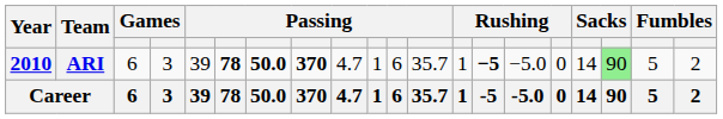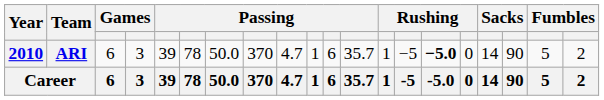 <table class="wikitable" style="text-align: center;">
 <tr>
 <th rowspan="2">Year</th>
 <th rowspan="2">Team</th>
 <th colspan="2">Games</th>
 <th colspan="8">Passing</th>
 <th colspan="4">Rushing</th>
 <th colspan="2">Sacks</th>
 <th colspan="2">Fumbles</th>
 </tr>
 <tr>
 <th></th>
 <th></th>
 <th></th>
 <th></th>
 <th></th>
 <th></th>
 <th></th>
 <th></th>
 <th></th>
 <th></th>
 <th></th>
 <th></th>
 <th></th>
 <th></th>
 <th></th>
 <th></th>
 <th></th>
 <th></th>
 </tr>
 <tr>
 <th><a href='#'>2010</a></th>
 <th><a href='#'>ARI</a></th>
 <td>6</td>
 <td>3</td>
 <td>39</td>
-<td><strong>78</strong></td>
-<td><strong>50.0</strong></td>
-<td><strong>370</strong></td>
+<td>78</td>
+<td>50.0</td>
+<td>370</td>
 <td>4.7</td>
 <td>1</td>
 <td>6</td>
 <td>35.7</td>
 <td>1</td>
-<td><strong>−5</strong></td>
-<td>−5.0</td>
+<td>−5</td>
+<td><strong>−5.0</strong></td>
 <td>0</td>
 <td>14</td>
-<td style="background: lightgreen;">90</td>
+<td>90</td>
 <td>5</td>
 <td>2</td>
 </tr>
 <tr>
 <th colspan="2">Career</th>
 <th>6</th>
 <th>3</th>
 <th>39</th>
 <th>78</th>
 <th>50.0</th>
 <th>370</th>
 <th>4.7</th>
 <th>1</th>
 <th>6</th>
 <th>35.7</th>
 <th>1</th>
 <th>-5</th>
 <th>-5.0</th>
 <th>0</th>
 <th>14</th>
 <th>90</th>
 <th>5</th>
 <th>2</th>
 </tr>
 </table>
